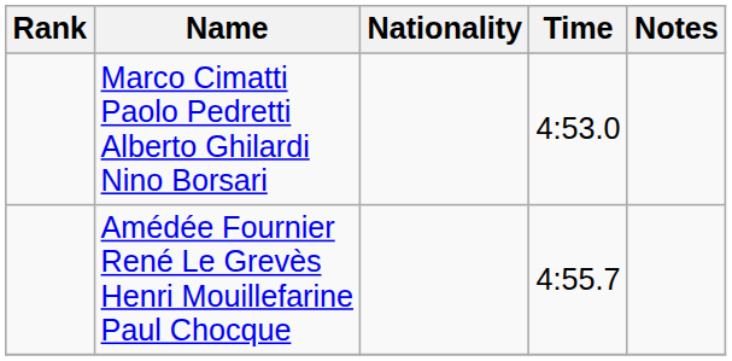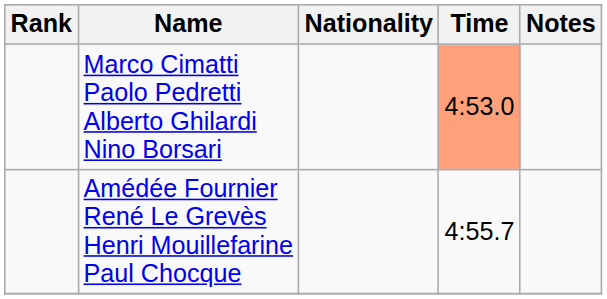 <table class="wikitable sortable" style="text-align:center">
 <tr>
 <th>Rank</th>
 <th>Name</th>
 <th>Nationality</th>
 <th>Time</th>
 <th>Notes</th>
 </tr>
 <tr>
 <td></td>
 <td align=left><a href='#'>Marco Cimatti</a><br><a href='#'>Paolo Pedretti</a><br><a href='#'>Alberto Ghilardi</a><br><a href='#'>Nino Borsari</a></td>
 <td align=left></td>
-<td>4:53.0</td>
+<td style="background: lightsalmon;">4:53.0</td>
 <td></td>
 </tr>
 <tr>
 <td></td>
 <td align=left><a href='#'>Amédée Fournier</a><br><a href='#'>René Le Grevès</a><br><a href='#'>Henri Mouillefarine</a><br><a href='#'>Paul Chocque</a></td>
 <td align=left></td>
 <td>4:55.7</td>
 <td></td>
 </tr>
 <tr>
 </tr>
 </table>
